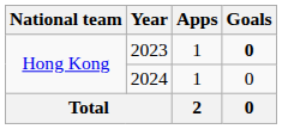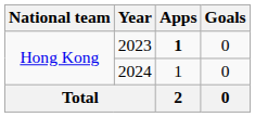 <table class="wikitable" style="text-align:center">
 <tr>
 <th>National team</th>
 <th>Year</th>
 <th>Apps</th>
 <th>Goals</th>
 </tr>
 <tr>
 <td rowspan=2><a href='#'>Hong Kong</a></td>
 <td>2023</td>
-<td>1</td>
-<td><strong>0</strong></td>
+<td><strong>1</strong></td>
+<td>0</td>
 </tr>
 <tr>
 <td>2024</td>
 <td>1</td>
 <td>0</td>
 </tr>
 <tr>
 <th colspan=2>Total</th>
 <th>2</th>
 <th>0</th>
 </tr>
 </table>
